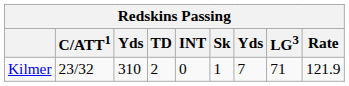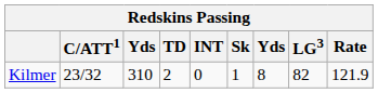 <table class="wikitable">
 <tr>
 <th colspan="9">Redskins Passing</th>
 </tr>
 <tr>
 <th></th>
 <th>C/ATT<sup>1</sup></th>
 <th>Yds</th>
 <th>TD</th>
 <th>INT</th>
 <th>Sk</th>
 <th>Yds</th>
 <th>LG<sup>3</sup></th>
 <th>Rate</th>
 </tr>
 <tr>
 <td><a href='#'>Kilmer</a></td>
 <td>23/32</td>
 <td>310</td>
 <td>2</td>
 <td>0</td>
 <td>1</td>
-<td>7</td>
-<td>71</td>
+<td>8</td>
+<td>82</td>
 <td>121.9</td>
 </tr>
 </table>
